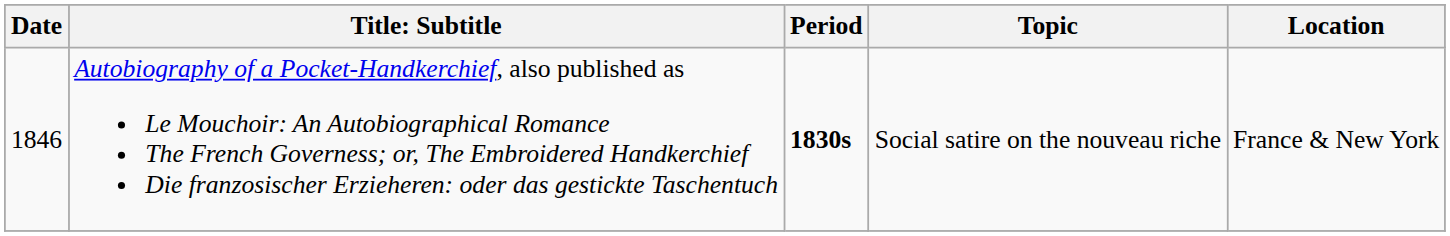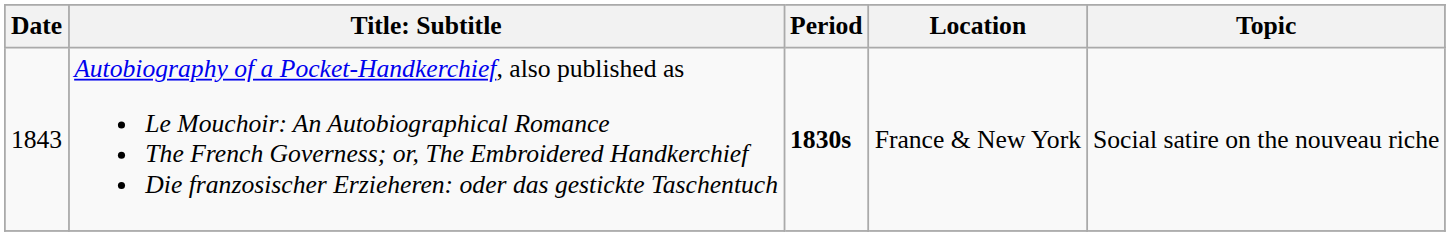 <table class="wikitable sortable" style="font-size:90%;">
 <tr>
 <th>Date</th>
 <th>Title: Subtitle</th>
 <th>Period</th>
+<th>Location</th>
 <th>Topic</th>
-<th>Location</th>
 </tr>
 <tr>
-<td>1846</td>
+<td>1843</td>
 <td><em><a href='#'>Autobiography of a Pocket-Handkerchief</a></em>, also published as<br><ul><li><em>Le Mouchoir: An Autobiographical Romance</em></li><li><em>The French Governess; or, The Embroidered Handkerchief</em></li><li><em>Die franzosischer Erzieheren: oder das gestickte Taschentuch</em></li></ul></td>
 <td><strong>1830s</strong></td>
+<td>France & New York</td>
 <td>Social satire on the nouveau riche</td>
-<td>France & New York</td>
 </tr>
 </table>
